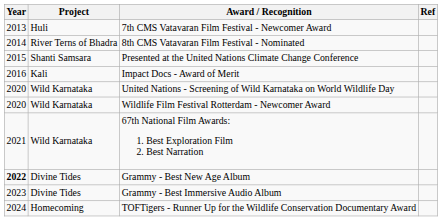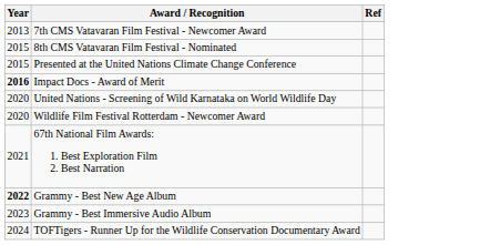 <table class="wikitable">
 <tr>
 <th>Year</th>
-<th>Project</th>
 <th>Award / Recognition</th>
 <th>Ref</th>
 </tr>
 <tr>
 <td>2013</td>
-<td>Huli</td>
 <td>7th CMS Vatavaran Film Festival - Newcomer Award</td>
 <td></td>
 </tr>
 <tr>
-<td>2014</td>
-<td>River Terns of Bhadra</td>
+<td>2015</td>
 <td>8th CMS Vatavaran Film Festival - Nominated</td>
 <td></td>
 </tr>
 <tr>
 <td>2015</td>
-<td>Shanti Samsara</td>
 <td>Presented at the United Nations Climate Change Conference</td>
 <td></td>
 </tr>
 <tr>
-<td>2016</td>
-<td>Kali</td>
+<td><strong>2016</strong></td>
 <td>Impact Docs - Award of Merit</td>
 <td></td>
 </tr>
 <tr>
 <td>2020</td>
-<td>Wild Karnataka</td>
 <td>United Nations - Screening of Wild Karnataka on World Wildlife Day</td>
 <td></td>
 </tr>
 <tr>
 <td>2020</td>
-<td>Wild Karnataka</td>
 <td>Wildlife Film Festival Rotterdam - Newcomer Award</td>
 <td></td>
 </tr>
 <tr>
 <td>2021</td>
-<td>Wild Karnataka</td>
 <td>67th National Film Awards:<br><ol><li>Best Exploration Film</li><li>Best Narration</li></ol></td>
 <td></td>
 </tr>
 <tr>
 <td><strong>2022</strong></td>
-<td>Divine Tides</td>
 <td>Grammy - Best New Age Album</td>
 <td></td>
 </tr>
 <tr>
 <td>2023</td>
-<td>Divine Tides</td>
 <td>Grammy - Best Immersive Audio Album</td>
 <td></td>
 </tr>
 <tr>
 <td>2024</td>
-<td>Homecoming</td>
 <td>TOFTigers - Runner Up for the Wildlife Conservation Documentary Award</td>
 <td></td>
 </tr>
 </table>
